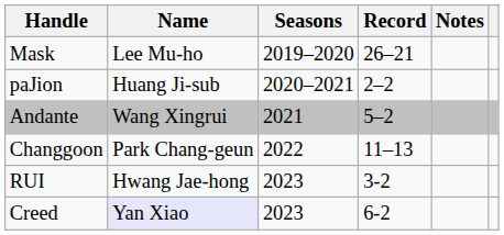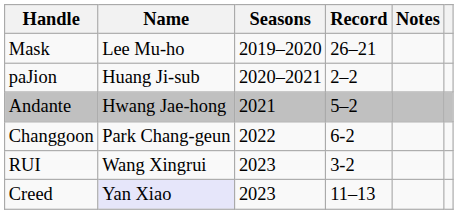 <table class="wikitable">
 <tr>
 <th style="background:#">Handle</th>
 <th style="background:#">Name</th>
 <th style="background:#">Seasons</th>
 <th style="background:#">Record</th>
 <th style="background:#">Notes</th>
 <th style="background:#"></th>
 </tr>
 <tr>
 <td>Mask</td>
 <td>Lee Mu-ho</td>
 <td>2019–2020</td>
 <td>26–21 </td>
 <td></td>
 <td></td>
 </tr>
 <tr>
 <td>paJion</td>
 <td>Huang Ji-sub</td>
 <td>2020–2021</td>
 <td>2–2 </td>
 <td></td>
 <td></td>
 </tr>
 <tr style="background:silver;">
 <td>Andante</td>
-<td>Wang Xingrui</td>
+<td>Hwang Jae-hong</td>
 <td>2021</td>
 <td>5–2 </td>
 <td></td>
 <td></td>
 </tr>
 <tr>
 <td>Changgoon</td>
 <td>Park Chang-geun</td>
 <td>2022</td>
-<td>11–13 </td>
+<td>6-2 </td>
 <td></td>
 <td></td>
 </tr>
 <tr>
 <td>RUI</td>
-<td>Hwang Jae-hong</td>
+<td>Wang Xingrui</td>
 <td>2023</td>
 <td>3-2 </td>
 <td></td>
 <td></td>
 </tr>
 <tr>
 <td>Creed</td>
 <td style="background: lavender;">Yan Xiao</td>
 <td>2023</td>
-<td>6-2 </td>
+<td>11–13 </td>
 <td></td>
 <td></td>
 </tr>
 </table>
